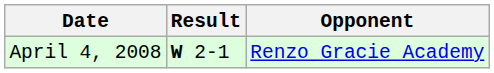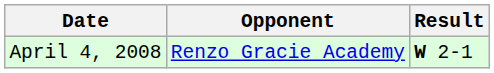 <table class="wikitable">
 <tr>
 <th>Date</th>
+<th>Opponent</th>
 <th>Result</th>
-<th>Opponent</th>
 </tr>
 <tr style="background: #ddffdd;">
 <td>April 4, 2008</td>
+<td><a href='#'>Renzo Gracie Academy</a></td>
 <td><strong>W</strong> 2-1</td>
-<td><a href='#'>Renzo Gracie Academy</a></td>
 </tr>
 </table>
